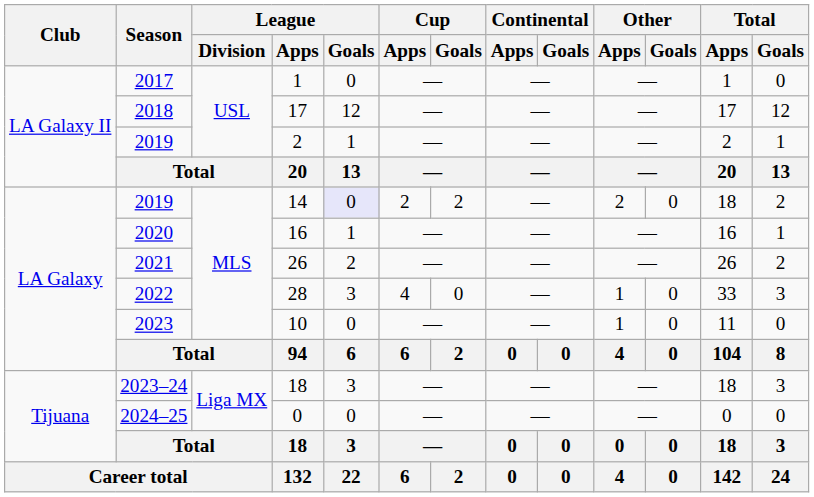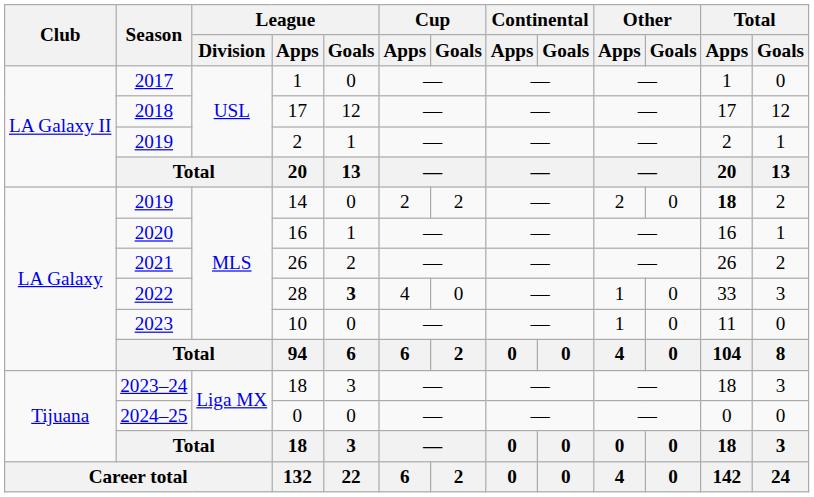 <table class="wikitable" style="text-align: center;">
 <tr>
 <th rowspan="2">Club</th>
 <th rowspan="2">Season</th>
 <th colspan="3">League</th>
 <th colspan="2">Cup</th>
 <th colspan="2">Continental</th>
 <th colspan="2">Other</th>
 <th colspan="2">Total</th>
 </tr>
 <tr>
 <th>Division</th>
 <th>Apps</th>
 <th>Goals</th>
 <th>Apps</th>
 <th>Goals</th>
 <th>Apps</th>
 <th>Goals</th>
 <th>Apps</th>
 <th>Goals</th>
 <th>Apps</th>
 <th>Goals</th>
 </tr>
 <tr>
 <td rowspan="4"><a href='#'>LA Galaxy II</a></td>
 <td><a href='#'>2017</a></td>
 <td rowspan="3"><a href='#'>USL</a></td>
 <td>1</td>
 <td>0</td>
 <td colspan=2>—</td>
 <td colspan=2>—</td>
 <td colspan=2>—</td>
 <td>1</td>
 <td>0</td>
 </tr>
 <tr>
 <td><a href='#'>2018</a></td>
 <td>17</td>
 <td>12</td>
 <td colspan=2>—</td>
 <td colspan=2>—</td>
 <td colspan=2>—</td>
 <td>17</td>
 <td>12</td>
 </tr>
 <tr>
 <td><a href='#'>2019</a></td>
 <td>2</td>
 <td>1</td>
 <td colspan=2>—</td>
 <td colspan=2>—</td>
 <td colspan=2>—</td>
 <td>2</td>
 <td>1</td>
 </tr>
 <tr>
 <th colspan=2>Total</th>
 <th>20</th>
 <th>13</th>
 <th colspan=2>—</th>
 <th colspan=2>—</th>
 <th colspan=2>—</th>
 <th>20</th>
 <th>13</th>
 </tr>
 <tr>
 <td rowspan="6"><a href='#'>LA Galaxy</a></td>
 <td><a href='#'>2019</a></td>
 <td rowspan="5"><a href='#'>MLS</a></td>
 <td>14</td>
-<td style="background: lavender;">0</td>
+<td>0</td>
 <td>2</td>
 <td>2</td>
 <td colspan=2>—</td>
 <td>2</td>
 <td>0</td>
-<td>18</td>
+<td><strong>18</strong></td>
 <td>2</td>
 </tr>
 <tr>
 <td><a href='#'>2020</a></td>
 <td>16</td>
 <td>1</td>
 <td colspan=2>—</td>
 <td colspan=2>—</td>
 <td colspan=2>—</td>
 <td>16</td>
 <td>1</td>
 </tr>
 <tr>
 <td><a href='#'>2021</a></td>
 <td>26</td>
 <td>2</td>
 <td colspan=2>—</td>
 <td colspan=2>—</td>
 <td colspan=2>—</td>
 <td>26</td>
 <td>2</td>
 </tr>
 <tr>
 <td><a href='#'>2022</a></td>
 <td>28</td>
-<td>3</td>
+<td><strong>3</strong></td>
 <td>4</td>
 <td>0</td>
 <td colspan=2>—</td>
 <td>1</td>
 <td>0</td>
 <td>33</td>
 <td>3</td>
 </tr>
 <tr>
 <td><a href='#'>2023</a></td>
 <td>10</td>
 <td>0</td>
 <td colspan=2>—</td>
 <td colspan=2>—</td>
 <td>1</td>
 <td>0</td>
 <td>11</td>
 <td>0</td>
 </tr>
 <tr>
 <th colspan=2>Total</th>
 <th>94</th>
 <th>6</th>
 <th>6</th>
 <th>2</th>
 <th>0</th>
 <th>0</th>
 <th>4</th>
 <th>0</th>
 <th>104</th>
 <th>8</th>
 </tr>
 <tr>
 <td rowspan="3"><a href='#'>Tijuana</a></td>
 <td><a href='#'>2023–24</a></td>
 <td rowspan="2"><a href='#'>Liga MX</a></td>
 <td>18</td>
 <td>3</td>
 <td colspan="2">—</td>
 <td colspan="2">—</td>
 <td colspan="2">—</td>
 <td>18</td>
 <td>3</td>
 </tr>
 <tr>
 <td><a href='#'>2024–25</a></td>
 <td>0</td>
 <td>0</td>
 <td colspan="2">—</td>
 <td colspan="2">—</td>
 <td colspan="2">—</td>
 <td>0</td>
 <td>0</td>
 </tr>
 <tr>
 <th colspan=2>Total</th>
 <th>18</th>
 <th>3</th>
 <th colspan="2">—</th>
 <th>0</th>
 <th>0</th>
 <th>0</th>
 <th>0</th>
 <th>18</th>
 <th>3</th>
 </tr>
 <tr>
 <th colspan="3">Career total</th>
 <th>132</th>
 <th>22</th>
 <th>6</th>
 <th>2</th>
 <th>0</th>
 <th>0</th>
 <th>4</th>
 <th>0</th>
 <th>142</th>
 <th>24</th>
 </tr>
 </table>
